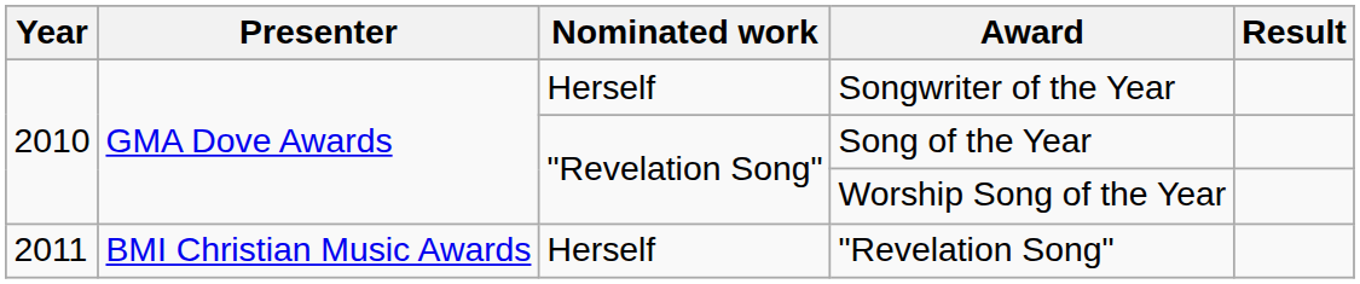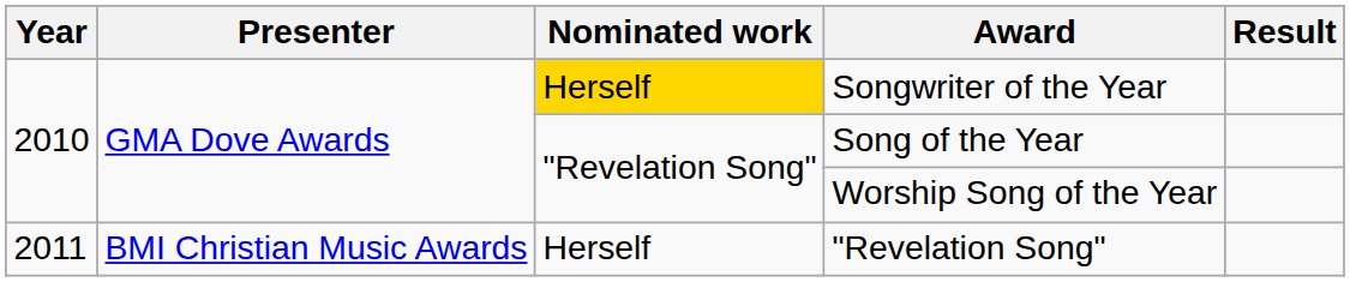 <table class="wikitable">
 <tr>
 <th>Year</th>
 <th>Presenter</th>
 <th>Nominated work</th>
 <th>Award</th>
 <th>Result</th>
 </tr>
 <tr>
 <td rowspan=3>2010</td>
 <td rowspan=3><a href='#'>GMA Dove Awards</a></td>
-<td>Herself</td>
+<td style="background: gold;">Herself</td>
 <td>Songwriter of the Year</td>
 <td></td>
 </tr>
 <tr>
 <td rowspan=2>"Revelation Song"</td>
 <td>Song of the Year</td>
 <td></td>
 </tr>
 <tr>
 <td>Worship Song of the Year</td>
 <td></td>
 </tr>
 <tr>
 <td rowspan=3>2011</td>
 <td rowspan=3><a href='#'>BMI Christian Music Awards</a></td>
 <td>Herself</td>
 <td>"Revelation Song"</td>
 <td></td>
 </tr>
 </table>
